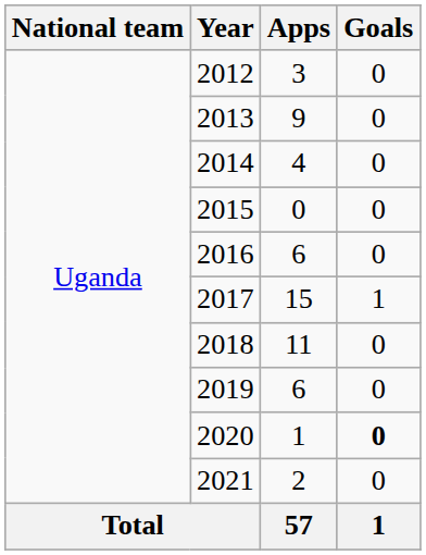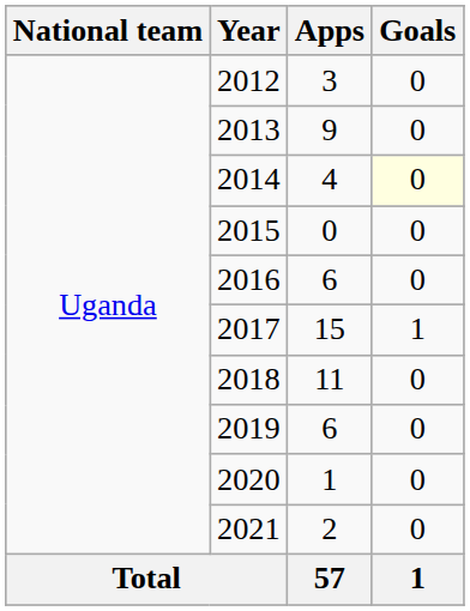 <table class="wikitable" style="text-align:center">
 <tr>
 <th>National team</th>
 <th>Year</th>
 <th>Apps</th>
 <th>Goals</th>
 </tr>
 <tr>
 <td rowspan="10"><a href='#'>Uganda</a></td>
 <td>2012</td>
 <td>3</td>
 <td>0</td>
 </tr>
 <tr>
 <td>2013</td>
 <td>9</td>
 <td>0</td>
 </tr>
 <tr>
 <td>2014</td>
 <td>4</td>
-<td>0</td>
+<td style="background: lightyellow;">0</td>
 </tr>
 <tr>
 <td>2015</td>
 <td>0</td>
 <td>0</td>
 </tr>
 <tr>
 <td>2016</td>
 <td>6</td>
 <td>0</td>
 </tr>
 <tr>
 <td>2017</td>
 <td>15</td>
 <td>1</td>
 </tr>
 <tr>
 <td>2018</td>
 <td>11</td>
 <td>0</td>
 </tr>
 <tr>
 <td>2019</td>
 <td>6</td>
 <td>0</td>
 </tr>
 <tr>
 <td>2020</td>
 <td>1</td>
-<td><strong>0</strong></td>
+<td>0</td>
 </tr>
 <tr>
 <td>2021</td>
 <td>2</td>
 <td>0</td>
 </tr>
 <tr>
 <th colspan="2">Total</th>
 <th>57</th>
 <th>1</th>
 </tr>
 </table>
